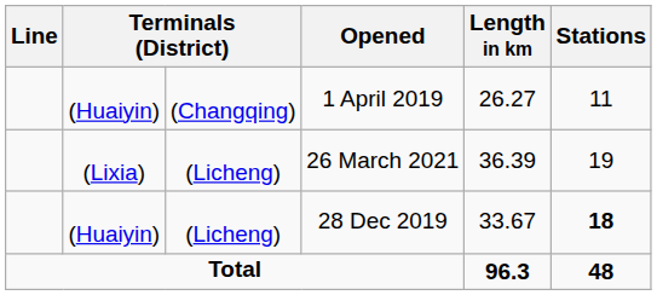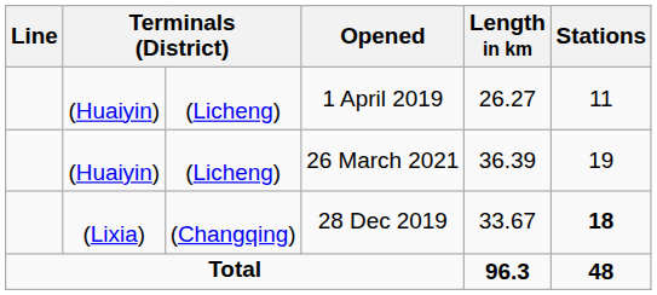 <table class="wikitable sortable" style="cell-padding:0.5em; text-align:center;">
 <tr>
 <th data-sort-type="text">Line</th>
 <th class="unsortable" colspan="2">Terminals<br><span>(District)</span></th>
 <th>Opened</th>
 <th>Length<br><small><span>in km</span></small></th>
 <th>Stations</th>
 </tr>
 <tr>
 <td></td>
 <td><strong></strong><br>(<a href='#'>Huaiyin</a>)</td>
-<td><strong></strong><br>(<a href='#'>Changqing</a>)</td>
+<td><strong></strong><br>(<a href='#'>Licheng</a>)</td>
 <td>1 April 2019</td>
 <td>26.27</td>
 <td>11</td>
 </tr>
 <tr>
 <td></td>
-<td><strong></strong><br>(<a href='#'>Lixia</a>)</td>
+<td><strong></strong><br>(<a href='#'>Huaiyin</a>)</td>
 <td><strong></strong><br>(<a href='#'>Licheng</a>)</td>
 <td>26 March 2021</td>
 <td>36.39</td>
 <td>19</td>
 </tr>
 <tr>
 <td></td>
-<td><strong></strong><br>(<a href='#'>Huaiyin</a>)</td>
-<td><strong></strong><br>(<a href='#'>Licheng</a>)</td>
+<td><strong></strong><br>(<a href='#'>Lixia</a>)</td>
+<td><strong></strong><br>(<a href='#'>Changqing</a>)</td>
 <td>28 Dec 2019</td>
 <td>33.67</td>
 <td><strong>18</strong></td>
 </tr>
 <tr class="sortbottom">
 <td colspan="4" style="line-height:1.05"><strong>Total</strong></td>
 <td><strong>96.3</strong></td>
 <td><strong>48</strong></td>
 </tr>
 </table>
